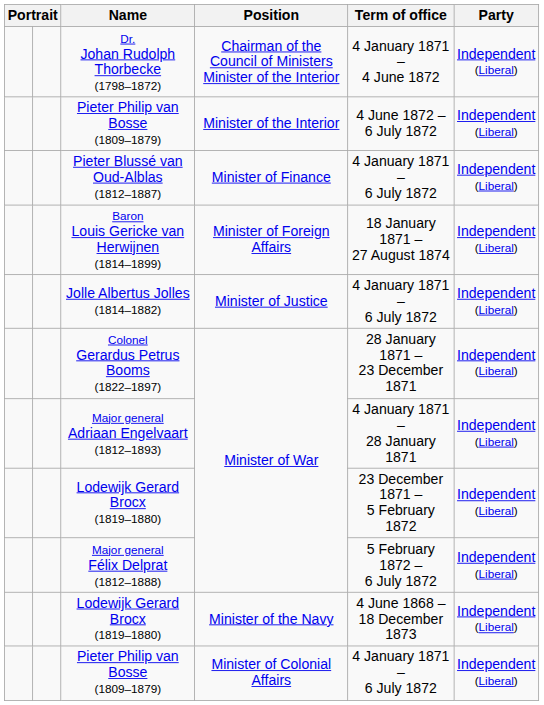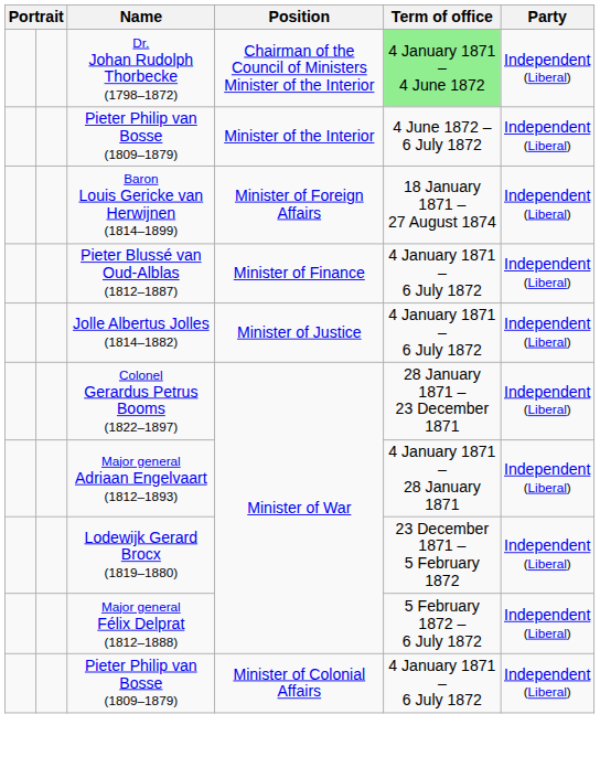 <table class="wikitable" style="text-align:center">
 <tr>
 <th colspan=2>Portrait</th>
 <th>Name</th>
 <th>Position</th>
 <th>Term of office</th>
 <th>Party</th>
 </tr>
 <tr>
 <td style="background:"></td>
 <td></td>
 <td><small><a href='#'>Dr.</a></small> <br> <a href='#'>Johan Rudolph Thorbecke</a> <br> <small>(1798–1872)</small></td>
 <td><a href='#'>Chairman of the Council of Ministers</a> <br> <a href='#'>Minister of the Interior</a></td>
-<td>4 January 1871 – <br> 4 June 1872 <br> </td>
+<td style="background: lightgreen;">4 January 1871 – <br> 4 June 1872 <br> </td>
 <td><a href='#'>Independent</a> <br> <small>(<a href='#'>Liberal</a>)</small></td>
 </tr>
 <tr>
 <td style="background:"></td>
 <td></td>
 <td><a href='#'>Pieter Philip van Bosse</a> <br> <small>(1809–1879)</small></td>
 <td><a href='#'>Minister of the Interior</a></td>
 <td>4 June 1872 – <br> 6 July 1872 <br> </td>
 <td><a href='#'>Independent</a> <br> <small>(<a href='#'>Liberal</a>)</small></td>
 </tr>
 <tr>
 <td style="background:"></td>
 <td></td>
-<td><a href='#'>Pieter Blussé van Oud-Alblas</a> <br> <small>(1812–1887)</small></td>
-<td><a href='#'>Minister of Finance</a></td>
-<td>4 January 1871 – <br> 6 July 1872</td>
+<td><small><a href='#'>Baron</a></small> <br> <a href='#'>Louis Gericke van Herwijnen</a> <br> <small>(1814–1899)</small></td>
+<td><a href='#'>Minister of Foreign Affairs</a></td>
+<td>18 January 1871 – <br> 27 August 1874</td>
 <td><a href='#'>Independent</a> <br> <small>(<a href='#'>Liberal</a>)</small></td>
 </tr>
 <tr>
 <td style="background:"></td>
 <td></td>
-<td><small><a href='#'>Baron</a></small> <br> <a href='#'>Louis Gericke van Herwijnen</a> <br> <small>(1814–1899)</small></td>
-<td><a href='#'>Minister of Foreign Affairs</a></td>
-<td>18 January 1871 – <br> 27 August 1874</td>
+<td><a href='#'>Pieter Blussé van Oud-Alblas</a> <br> <small>(1812–1887)</small></td>
+<td><a href='#'>Minister of Finance</a></td>
+<td>4 January 1871 – <br> 6 July 1872</td>
 <td><a href='#'>Independent</a> <br> <small>(<a href='#'>Liberal</a>)</small></td>
 </tr>
 <tr>
 <td style="background:"></td>
 <td></td>
 <td><a href='#'>Jolle Albertus Jolles</a> <br> <small>(1814–1882)</small></td>
 <td><a href='#'>Minister of Justice</a></td>
 <td>4 January 1871 – <br> 6 July 1872</td>
 <td><a href='#'>Independent</a> <br> <small>(<a href='#'>Liberal</a>)</small></td>
 </tr>
 <tr>
 <td style="background:"></td>
 <td></td>
 <td><small><a href='#'>Colonel</a></small> <br> <a href='#'>Gerardus Petrus Booms</a> <br> <small>(1822–1897)</small></td>
 <td rowspan=4><a href='#'>Minister of War</a></td>
 <td>28 January 1871 – <br> 23 December 1871 <br> </td>
 <td><a href='#'>Independent</a> <br> <small>(<a href='#'>Liberal</a>)</small></td>
 </tr>
 <tr>
 <td style="background:"></td>
 <td></td>
 <td><small><a href='#'>Major general</a></small> <br> <a href='#'>Adriaan Engelvaart</a> <br> <small>(1812–1893)</small></td>
 <td>4 January 1871 – <br> 28 January 1871 <br> </td>
 <td><a href='#'>Independent</a> <br> <small>(<a href='#'>Liberal</a>)</small></td>
 </tr>
 <tr>
 <td style="background:"></td>
 <td></td>
 <td><a href='#'>Lodewijk Gerard Brocx</a> <br> <small>(1819–1880)</small></td>
 <td>23 December 1871 – <br> 5 February 1872 <br> </td>
 <td><a href='#'>Independent</a> <br> <small>(<a href='#'>Liberal</a>)</small></td>
 </tr>
 <tr>
 <td style="background:"></td>
 <td></td>
 <td><small><a href='#'>Major general</a></small> <br> <a href='#'>Félix Delprat</a> <br> <small>(1812–1888)</small></td>
 <td>5 February 1872 – <br> 6 July 1872</td>
 <td><a href='#'>Independent</a> <br> <small>(<a href='#'>Liberal</a>)</small></td>
 </tr>
 <tr>
 <td style="background:"></td>
 <td></td>
-<td><a href='#'>Lodewijk Gerard Brocx</a> <br> <small>(1819–1880)</small></td>
-<td><a href='#'>Minister of the Navy</a></td>
-<td>4 June 1868 – <br> 18 December 1873 <br> </td>
-<td><a href='#'>Independent</a> <br> <small>(<a href='#'>Liberal</a>)</small></td>
-</tr>
-<tr>
-<td style="background:"></td>
-<td></td>
 <td><a href='#'>Pieter Philip van Bosse</a> <br> <small>(1809–1879)</small></td>
 <td><a href='#'>Minister of Colonial Affairs</a></td>
 <td>4 January 1871 – <br> 6 July 1872</td>
 <td><a href='#'>Independent</a> <br> <small>(<a href='#'>Liberal</a>)</small></td>
 </tr>
 </table>
